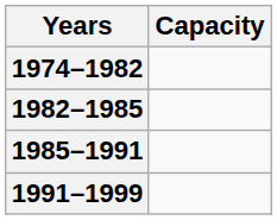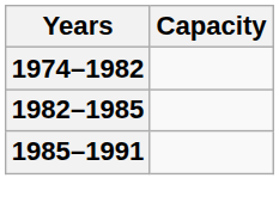 <table class="wikitable">
 <tr>
 <th>Years</th>
 <th>Capacity</th>
 </tr>
 <tr>
 <th>1974–1982</th>
 <td></td>
 </tr>
 <tr>
 <th>1982–1985</th>
 <td></td>
 </tr>
 <tr>
 <th>1985–1991</th>
 <td></td>
 </tr>
-<tr>
-<th>1991–1999</th>
-<td></td>
-</tr>
 </table>
